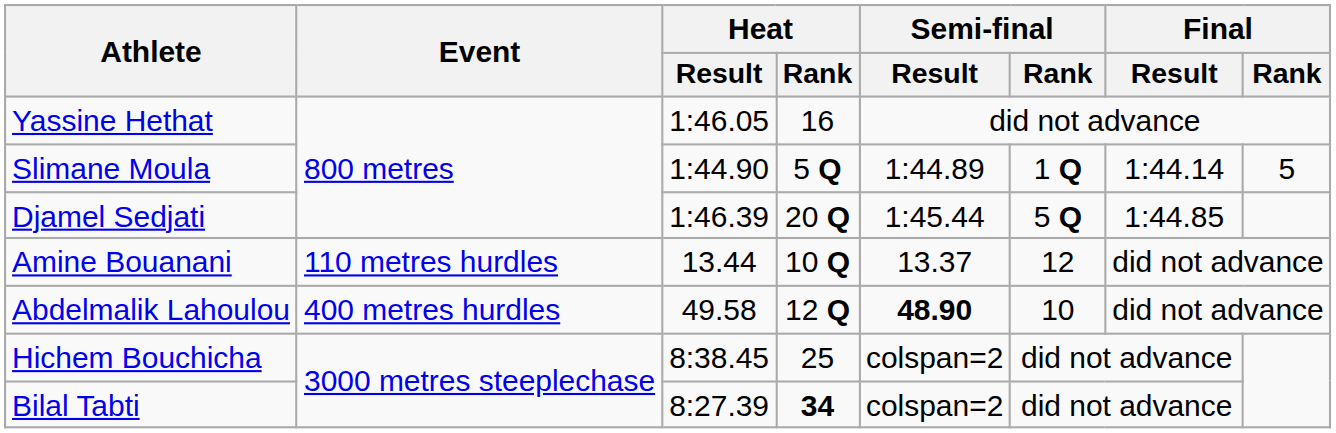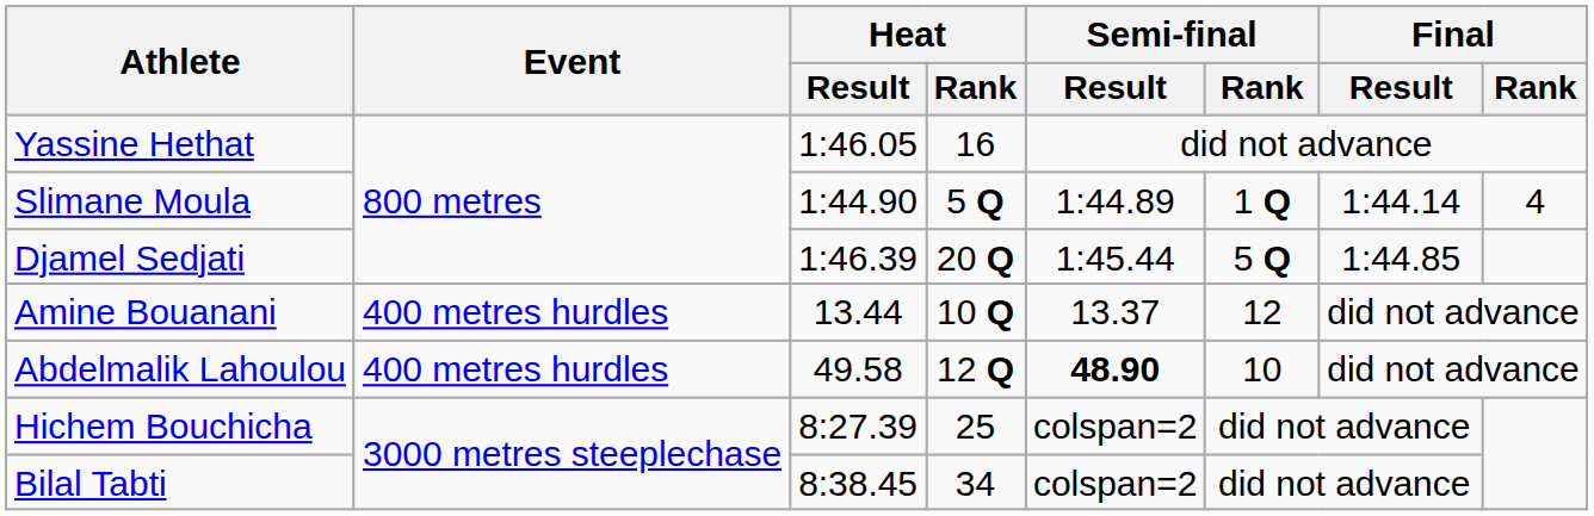 <table class=wikitable style=font-size:90%>
 <tr>
 <th rowspan=2>Athlete</th>
 <th rowspan=2>Event</th>
 <th colspan=2>Heat</th>
 <th colspan=2>Semi-final</th>
 <th colspan=2>Final</th>
 </tr>
 <tr style=font-size:95%>
 <th>Result</th>
 <th>Rank</th>
 <th>Result</th>
 <th>Rank</th>
 <th>Result</th>
 <th>Rank</th>
 </tr>
 <tr align=center>
 <td align=left><a href='#'>Yassine Hethat</a></td>
 <td align=left rowspan=3><a href='#'>800 metres</a></td>
 <td>1:46.05</td>
 <td>16</td>
 <td colspan=4>did not advance</td>
 </tr>
 <tr align=center>
 <td align=left><a href='#'>Slimane Moula</a></td>
 <td>1:44.90</td>
 <td>5 <strong>Q</strong></td>
 <td>1:44.89</td>
 <td>1 <strong>Q</strong></td>
 <td>1:44.14</td>
-<td>5</td>
+<td>4</td>
 </tr>
 <tr align=center>
 <td align=left><a href='#'>Djamel Sedjati</a></td>
 <td>1:46.39</td>
 <td>20 <strong>Q</strong></td>
 <td>1:45.44</td>
 <td>5 <strong>Q</strong></td>
 <td>1:44.85</td>
 <td></td>
 </tr>
 <tr align=center>
 <td align=left><a href='#'>Amine Bouanani</a></td>
-<td align=left><a href='#'>110 metres hurdles</a></td>
+<td align=left><a href='#'>400 metres hurdles</a></td>
 <td>13.44</td>
 <td>10 <strong>Q</strong></td>
 <td>13.37 </td>
 <td>12</td>
 <td colspan=2>did not advance</td>
 </tr>
 <tr align=center>
 <td align=left><a href='#'>Abdelmalik Lahoulou</a></td>
 <td align=left><a href='#'>400 metres hurdles</a></td>
 <td>49.58</td>
 <td>12 <strong>Q</strong></td>
 <td><strong>48.90</strong></td>
 <td>10</td>
 <td colspan=2>did not advance</td>
 </tr>
 <tr align=center>
 <td align=left><a href='#'>Hichem Bouchicha</a></td>
 <td align=left rowspan=2><a href='#'>3000 metres steeplechase</a></td>
-<td>8:38.45</td>
+<td>8:27.39</td>
 <td>25</td>
 <td>colspan=2</td>
 <td colspan=2>did not advance</td>
 </tr>
 <tr align=center>
 <td align=left><a href='#'>Bilal Tabti</a></td>
-<td>8:27.39</td>
-<td><strong>34</strong></td>
+<td>8:38.45</td>
+<td>34</td>
 <td>colspan=2</td>
 <td colspan=2>did not advance</td>
 </tr>
 </table>
